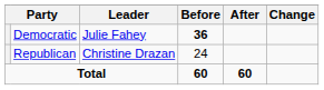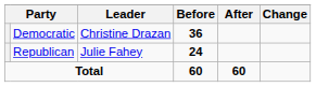 <table class="wikitable" style="text-align:center;">
 <tr>
 </tr>
 <tr>
 <th colspan="2">Party</th>
 <th>Leader</th>
 <th style="width:3em">Before</th>
 <th style="width:3em">After</th>
 <th style="width:3em">Change</th>
 </tr>
 <tr>
 <th style="background-color:"></th>
 <td style="text-align:left;"><a href='#'>Democratic</a></td>
-<td style="text-align:left;"><a href='#'>Julie Fahey</a></td>
+<td style="text-align:left;"><a href='#'>Christine Drazan</a></td>
 <td><strong>36</strong></td>
 <td></td>
 <td></td>
 </tr>
 <tr>
 <th style="background-color:"></th>
 <td style="text-align:left;"><a href='#'>Republican</a></td>
-<td style="text-align:left;"><a href='#'>Christine Drazan</a></td>
-<td>24</td>
+<td style="text-align:left;"><a href='#'>Julie Fahey</a></td>
+<td><strong>24</strong></td>
 <td></td>
 <td></td>
 </tr>
 <tr>
 <td colspan="3"><strong>Total</strong></td>
 <td><strong>60</strong></td>
 <td><strong>60</strong></td>
 <td></td>
 </tr>
 </table>
